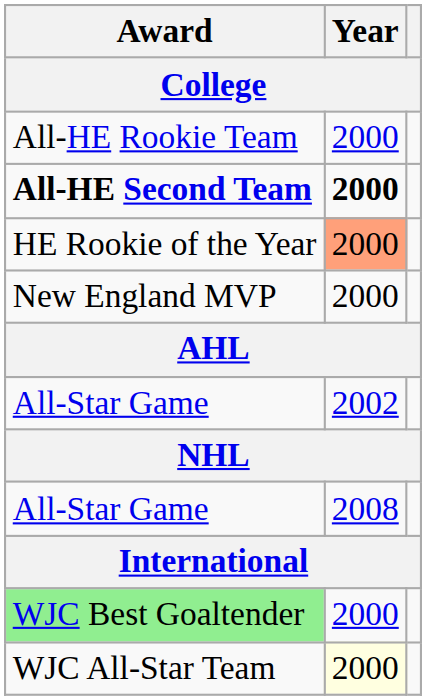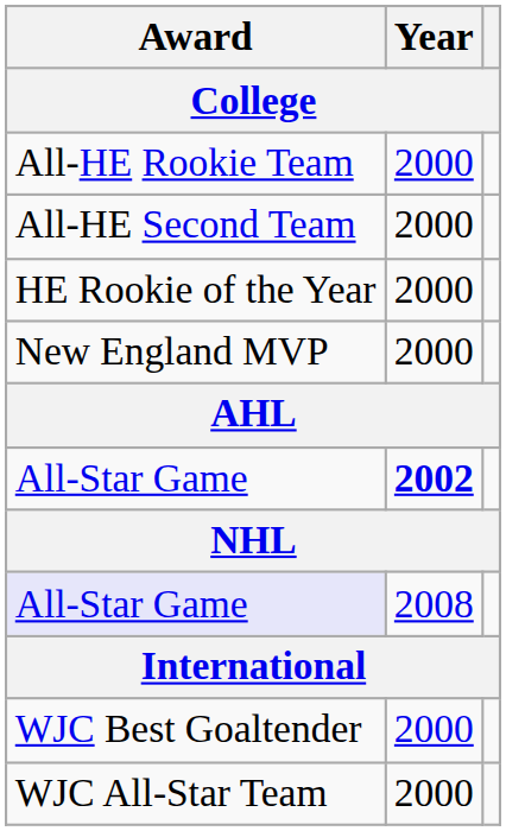 <table class="wikitable">
 <tr>
 <th>Award</th>
 <th>Year</th>
 <th></th>
 </tr>
 <tr>
 <th colspan="3"><a href='#'>College</a></th>
 </tr>
 <tr>
 <td>All-<a href='#'>HE</a> <a href='#'>Rookie Team</a></td>
 <td><a href='#'>2000</a></td>
 <td></td>
 </tr>
 <tr>
-<td><strong>All-HE <a href='#'>Second Team</a></strong></td>
-<td><strong>2000</strong></td>
+<td>All-HE <a href='#'>Second Team</a></td>
+<td>2000</td>
 <td></td>
 </tr>
 <tr>
 <td>HE Rookie of the Year</td>
-<td style="background: lightsalmon;">2000</td>
+<td>2000</td>
 <td></td>
 </tr>
 <tr>
 <td>New England MVP</td>
 <td>2000</td>
 <td></td>
 </tr>
 <tr>
 <th colspan="3"><a href='#'>AHL</a></th>
 </tr>
 <tr>
 <td><a href='#'>All-Star Game</a></td>
-<td><a href='#'>2002</a></td>
+<td><strong><a href='#'>2002</a></strong></td>
 <td></td>
 </tr>
 <tr>
 <th colspan="3"><a href='#'>NHL</a></th>
 </tr>
 <tr>
-<td><a href='#'>All-Star Game</a></td>
+<td style="background: lavender;"><a href='#'>All-Star Game</a></td>
 <td><a href='#'>2008</a></td>
 <td></td>
 </tr>
 <tr>
 <th colspan="3"><a href='#'>International</a></th>
 </tr>
 <tr>
-<td style="background: lightgreen;"><a href='#'>WJC</a> Best Goaltender</td>
+<td><a href='#'>WJC</a> Best Goaltender</td>
 <td><a href='#'>2000</a></td>
 <td></td>
 </tr>
 <tr>
 <td>WJC All-Star Team</td>
-<td style="background: lightyellow;">2000</td>
+<td>2000</td>
 <td></td>
 </tr>
 </table>
